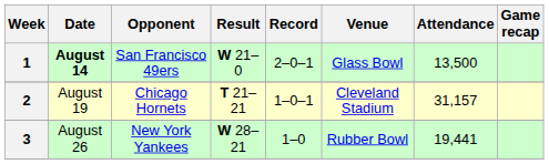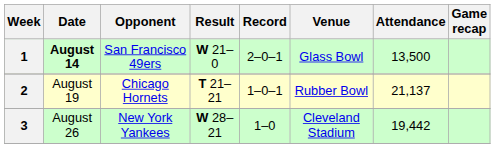 <table class="wikitable" style="text-align:center">
 <tr>
 <th>Week</th>
 <th>Date</th>
 <th>Opponent</th>
 <th>Result</th>
 <th>Record</th>
 <th>Venue</th>
 <th>Attendance</th>
 <th>Game<br>recap</th>
 </tr>
 <tr style="background: #cfc;">
 <th>1</th>
 <td><strong>August 14</strong></td>
 <td><a href='#'>San Francisco 49ers</a></td>
 <td><strong>W</strong> 21–0</td>
 <td>2–0–1</td>
 <td><a href='#'>Glass Bowl</a></td>
 <td align="center">13,500</td>
 <td></td>
 </tr>
 <tr>
 </tr>
 <tr style="background: #ffc;">
 <th>2</th>
 <td>August 19</td>
 <td><a href='#'>Chicago Hornets</a></td>
 <td><strong>T</strong> 21–21</td>
 <td>1–0–1</td>
-<td><a href='#'>Cleveland Stadium</a></td>
-<td align="center">31,157</td>
+<td><a href='#'>Rubber Bowl</a></td>
+<td align="center">21,137</td>
 <td></td>
 </tr>
 <tr>
 </tr>
 <tr style="background: #cfc;">
 <th>3</th>
 <td>August 26</td>
 <td><a href='#'>New York Yankees</a></td>
 <td><strong>W</strong> 28–21</td>
 <td>1–0</td>
-<td><a href='#'>Rubber Bowl</a></td>
-<td>19,441</td>
+<td><a href='#'>Cleveland Stadium</a></td>
+<td>19,442</td>
 <td></td>
 </tr>
 <tr>
 </tr>
 </table>
